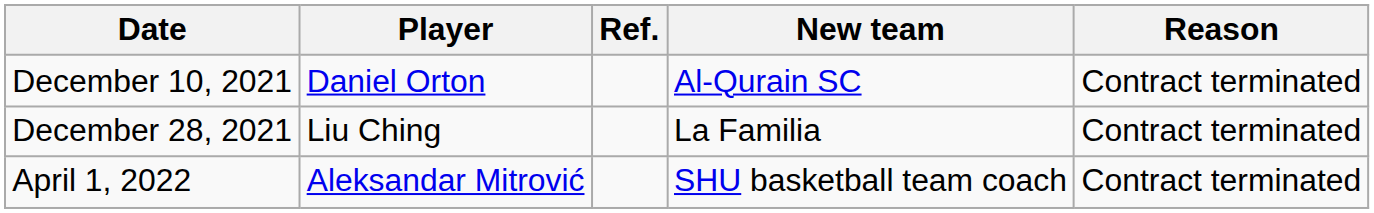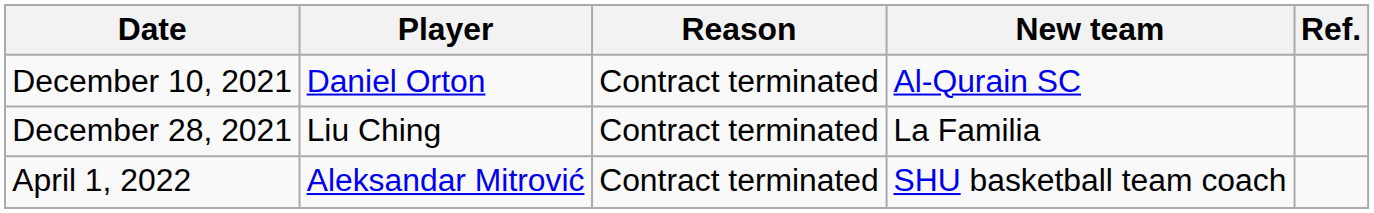 <table class="wikitable">
 <tr>
 <th>Date</th>
 <th>Player</th>
+<th>Reason</th>
+<th>New team</th>
 <th>Ref.</th>
-<th>New team</th>
-<th>Reason</th>
 </tr>
 <tr>
 <td>December 10, 2021</td>
 <td><a href='#'>Daniel Orton</a></td>
+<td>Contract terminated</td>
+<td> <a href='#'>Al-Qurain SC</a></td>
 <td></td>
-<td> <a href='#'>Al-Qurain SC</a></td>
-<td>Contract terminated</td>
 </tr>
 <tr>
 <td>December 28, 2021</td>
 <td>Liu Ching</td>
+<td>Contract terminated</td>
+<td> La Familia</td>
 <td></td>
-<td> La Familia</td>
-<td>Contract terminated</td>
 </tr>
 <tr>
 <td>April 1, 2022</td>
 <td><a href='#'>Aleksandar Mitrović</a></td>
+<td>Contract terminated</td>
+<td> <a href='#'>SHU</a> basketball team coach</td>
 <td></td>
-<td> <a href='#'>SHU</a> basketball team coach</td>
-<td>Contract terminated</td>
 </tr>
 </table>
